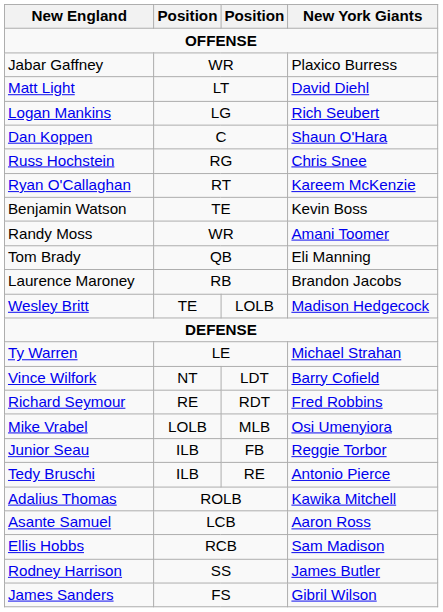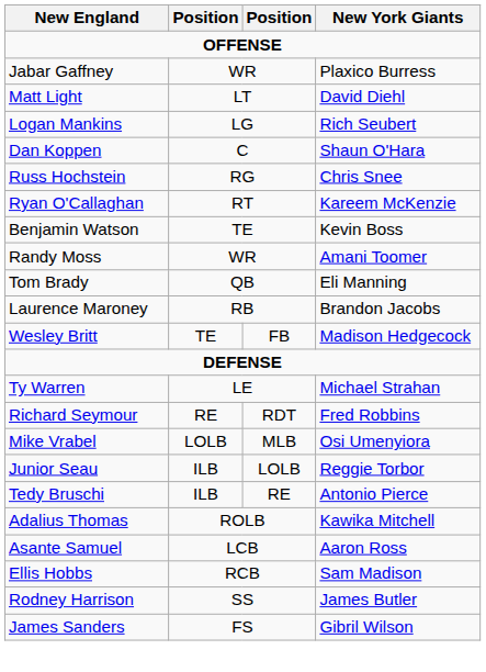 <table class="wikitable">
 <tr>
 <th width="150px">New England</th>
 <th>Position</th>
 <th>Position</th>
 <th width="150px">New York Giants</th>
 </tr>
 <tr>
 <td colspan="4" align="center"><strong>OFFENSE</strong></td>
 </tr>
 <tr>
 <td>Jabar Gaffney</td>
 <td colspan="2" align="center">WR</td>
 <td>Plaxico Burress</td>
 </tr>
 <tr>
 <td><a href='#'>Matt Light</a></td>
 <td colspan="2" align="center">LT</td>
 <td><a href='#'>David Diehl</a></td>
 </tr>
 <tr>
 <td><a href='#'>Logan Mankins</a></td>
 <td colspan="2" align="center">LG</td>
 <td><a href='#'>Rich Seubert</a></td>
 </tr>
 <tr>
 <td><a href='#'>Dan Koppen</a></td>
 <td colspan="2" align="center">C</td>
 <td><a href='#'>Shaun O'Hara</a></td>
 </tr>
 <tr>
 <td><a href='#'>Russ Hochstein</a></td>
 <td colspan="2" align="center">RG</td>
 <td><a href='#'>Chris Snee</a></td>
 </tr>
 <tr>
 <td><a href='#'>Ryan O'Callaghan</a></td>
 <td colspan="2" align="center">RT</td>
 <td><a href='#'>Kareem McKenzie</a></td>
 </tr>
 <tr>
 <td>Benjamin Watson</td>
 <td colspan="2" align="center">TE</td>
 <td>Kevin Boss</td>
 </tr>
 <tr>
 <td>Randy Moss</td>
 <td colspan="2" align="center">WR</td>
 <td><a href='#'>Amani Toomer</a></td>
 </tr>
 <tr>
 <td>Tom Brady</td>
 <td colspan="2" align="center">QB</td>
 <td>Eli Manning</td>
 </tr>
 <tr>
 <td>Laurence Maroney</td>
 <td colspan="2" align="center">RB</td>
 <td>Brandon Jacobs</td>
 </tr>
 <tr>
 <td><a href='#'>Wesley Britt</a></td>
 <td align="center">TE</td>
-<td align="center">LOLB</td>
+<td align="center">FB</td>
 <td><a href='#'>Madison Hedgecock</a></td>
 </tr>
 <tr>
 <td colspan="4" align="center"><strong>DEFENSE</strong></td>
 </tr>
 <tr>
 <td><a href='#'>Ty Warren</a></td>
 <td colspan="2" align="center">LE</td>
 <td><a href='#'>Michael Strahan</a></td>
-</tr>
-<tr>
-<td><a href='#'>Vince Wilfork</a></td>
-<td align="center">NT</td>
-<td align="center">LDT</td>
-<td><a href='#'>Barry Cofield</a></td>
 </tr>
 <tr>
 <td><a href='#'>Richard Seymour</a></td>
 <td align="center">RE</td>
 <td align="center">RDT</td>
 <td><a href='#'>Fred Robbins</a></td>
 </tr>
 <tr>
 <td><a href='#'>Mike Vrabel</a></td>
 <td align="center">LOLB</td>
 <td align="center">MLB</td>
 <td><a href='#'>Osi Umenyiora</a></td>
 </tr>
 <tr>
 <td><a href='#'>Junior Seau</a></td>
 <td align="center">ILB</td>
-<td align="center">FB</td>
+<td align="center">LOLB</td>
 <td><a href='#'>Reggie Torbor</a></td>
 </tr>
 <tr>
 <td><a href='#'>Tedy Bruschi</a></td>
 <td align="center">ILB</td>
 <td align="center">RE</td>
 <td><a href='#'>Antonio Pierce</a></td>
 </tr>
 <tr>
 <td><a href='#'>Adalius Thomas</a></td>
 <td colspan="2" align="center">ROLB</td>
 <td><a href='#'>Kawika Mitchell</a></td>
 </tr>
 <tr>
 <td><a href='#'>Asante Samuel</a></td>
 <td colspan="2" align="center">LCB</td>
 <td><a href='#'>Aaron Ross</a></td>
 </tr>
 <tr>
 <td><a href='#'>Ellis Hobbs</a></td>
 <td colspan="2" align="center">RCB</td>
 <td><a href='#'>Sam Madison</a></td>
 </tr>
 <tr>
 <td><a href='#'>Rodney Harrison</a></td>
 <td colspan="2" align="center">SS</td>
 <td><a href='#'>James Butler</a></td>
 </tr>
 <tr>
 <td><a href='#'>James Sanders</a></td>
 <td colspan="2" align="center">FS</td>
 <td><a href='#'>Gibril Wilson</a></td>
 </tr>
 </table>
